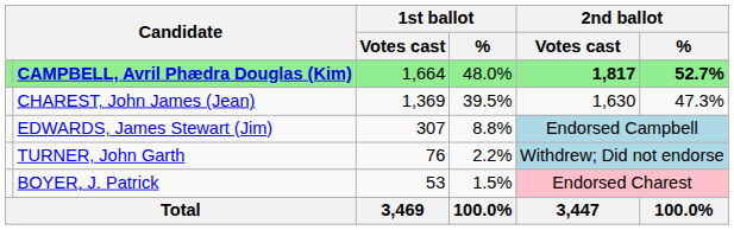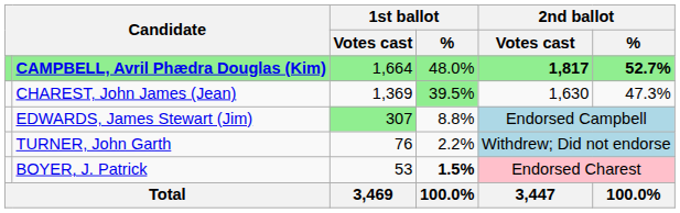 <table class="wikitable">
 <tr>
 <th rowspan="2" colspan="2">Candidate</th>
 <th colspan="2">1st ballot</th>
 <th colspan="2">2nd ballot</th>
 </tr>
 <tr>
 <th>Votes cast</th>
 <th>%</th>
 <th>Votes cast</th>
 <th>%</th>
 </tr>
 <tr style="background:lightgreen;">
 <td></td>
 <td><strong><a href='#'>CAMPBELL, Avril Phædra Douglas (Kim)</a></strong></td>
 <td align="right">1,664</td>
 <td align="right">48.0%</td>
 <td align="right"><strong>1,817</strong></td>
 <td align="right"><strong>52.7%</strong></td>
 </tr>
 <tr>
 <td></td>
 <td><a href='#'>CHAREST, John James (Jean)</a></td>
 <td align="right">1,369</td>
-<td align="right">39.5%</td>
+<td align="right" style="background: lightgreen;">39.5%</td>
 <td align="right">1,630</td>
 <td align="right">47.3%</td>
 </tr>
 <tr>
 <td></td>
 <td><a href='#'>EDWARDS, James Stewart (Jim)</a></td>
-<td align="right">307</td>
+<td align="right" style="background: lightgreen;">307</td>
 <td align="right">8.8%</td>
 <td style="text-align:center; background:lightblue;" colspan="2">Endorsed Campbell</td>
 </tr>
 <tr>
 <td></td>
 <td><a href='#'>TURNER, John Garth</a></td>
 <td align="right">76</td>
 <td align="right">2.2%</td>
 <td style="text-align:center; background:lightblue;" colspan="2">Withdrew; Did not endorse</td>
 </tr>
 <tr>
 <td></td>
 <td><a href='#'>BOYER, J. Patrick</a></td>
 <td align="right">53</td>
-<td align="right">1.5%</td>
+<td align="right"><strong>1.5%</strong></td>
 <td style="text-align:center; background:pink;" colspan="2">Endorsed Charest</td>
 </tr>
 <tr>
 <th colspan="2">Total</th>
 <th align="right">3,469</th>
 <th align="right">100.0%</th>
 <th align="right">3,447</th>
 <th align="right">100.0%</th>
 </tr>
 </table>
